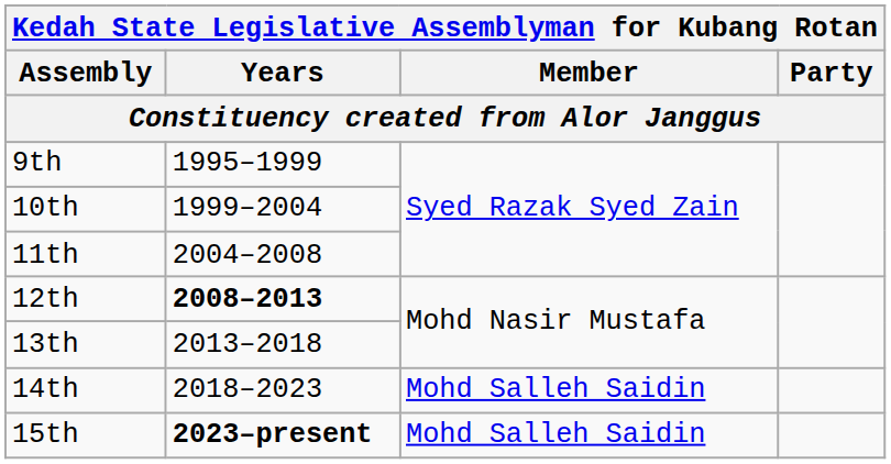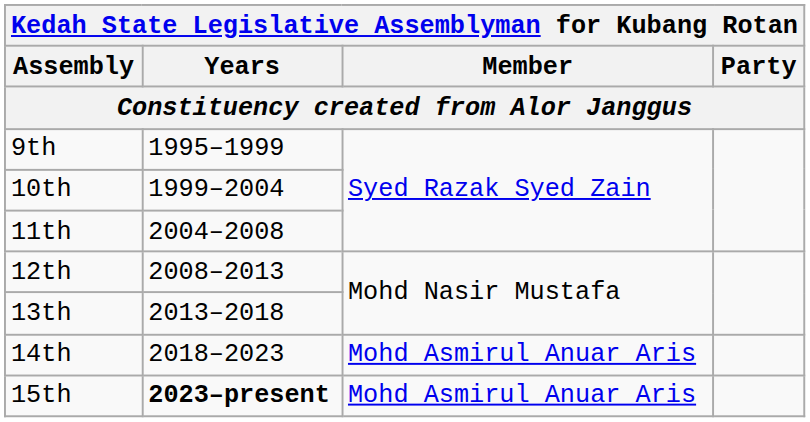 <table class="wikitable">
 <tr>
 <th colspan="4"><a href='#'>Kedah State Legislative Assemblyman</a> for Kubang Rotan</th>
 </tr>
 <tr>
 <th>Assembly</th>
 <th>Years</th>
 <th>Member</th>
 <th>Party</th>
 </tr>
 <tr>
 <th colspan="4"><em>Constituency created from Alor Janggus</em></th>
 </tr>
 <tr>
 <td>9th</td>
 <td>1995–1999</td>
 <td rowspan="3"><a href='#'>Syed Razak Syed Zain</a></td>
 <td rowspan="3"></td>
 </tr>
 <tr>
 <td>10th</td>
 <td>1999–2004</td>
 </tr>
 <tr>
 <td>11th</td>
 <td>2004–2008</td>
 </tr>
 <tr>
 <td>12th</td>
-<td><strong>2008–2013</strong></td>
+<td>2008–2013</td>
 <td rowspan="2">Mohd Nasir Mustafa</td>
 <td rowspan="2"></td>
 </tr>
 <tr>
 <td>13th</td>
 <td>2013–2018</td>
 </tr>
 <tr>
 <td>14th</td>
 <td>2018–2023</td>
-<td><a href='#'>Mohd Salleh Saidin</a></td>
+<td><a href='#'>Mohd Asmirul Anuar Aris</a></td>
 <td></td>
 </tr>
 <tr>
 <td>15th</td>
 <td><strong>2023–present</strong></td>
-<td><a href='#'>Mohd Salleh Saidin</a></td>
+<td><a href='#'>Mohd Asmirul Anuar Aris</a></td>
 <td></td>
 </tr>
 </table>
